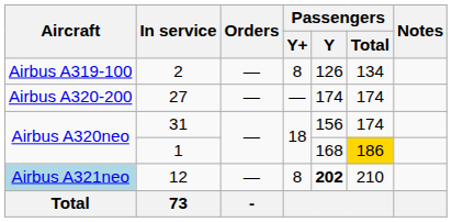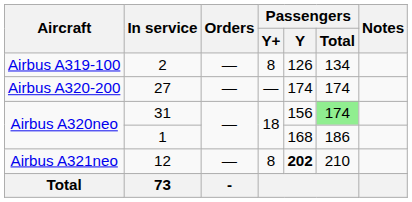 <table class="wikitable" style="border-collapse:collapse;text-align:center">
 <tr>
 <th rowspan=2>Aircraft</th>
 <th rowspan=2>In service</th>
 <th rowspan=2>Orders</th>
 <th colspan=3>Passengers</th>
 <th rowspan=2>Notes</th>
 </tr>
 <tr>
 <th><abbr>Y+</abbr></th>
 <th><abbr>Y</abbr></th>
 <th>Total</th>
 </tr>
 <tr>
 <td><a href='#'>Airbus A319-100</a></td>
 <td>2</td>
 <td>—</td>
 <td>8</td>
 <td>126</td>
 <td>134</td>
 <td></td>
 </tr>
 <tr>
 <td><a href='#'>Airbus A320-200</a></td>
 <td>27</td>
 <td>—</td>
 <td>—</td>
 <td>174</td>
 <td>174</td>
 <td></td>
 </tr>
 <tr>
 <td rowspan="2"><a href='#'>Airbus A320neo</a></td>
 <td>31</td>
 <td rowspan="2">—</td>
 <td rowspan="2">18</td>
 <td>156</td>
-<td>174</td>
+<td style="background: lightgreen;">174</td>
 <td></td>
 </tr>
 <tr>
 <td>1</td>
 <td>168</td>
-<td style="background: gold;">186</td>
+<td>186</td>
 <td></td>
 </tr>
 <tr>
-<td style="background: lightblue;"><a href='#'>Airbus A321neo</a></td>
+<td><a href='#'>Airbus A321neo</a></td>
 <td>12</td>
 <td>—</td>
 <td>8</td>
 <td><strong>202</strong></td>
 <td>210</td>
 <td></td>
 </tr>
 <tr>
 <th>Total</th>
 <th>73</th>
 <th>-</th>
 <th colspan="3"></th>
 <th></th>
 </tr>
 </table>
